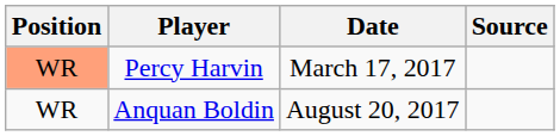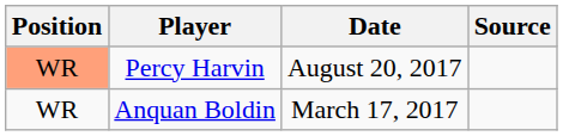 <table class="wikitable" style="text-align: center">
 <tr style="text-align:center; background:#ddd">
 <th>Position</th>
 <th>Player</th>
 <th>Date</th>
 <th>Source</th>
 </tr>
 <tr>
 <td style="background: lightsalmon;">WR</td>
 <td><a href='#'>Percy Harvin</a></td>
-<td>March 17, 2017</td>
+<td>August 20, 2017</td>
 <td></td>
 </tr>
 <tr>
 <td>WR</td>
 <td><a href='#'>Anquan Boldin</a></td>
-<td>August 20, 2017</td>
+<td>March 17, 2017</td>
 <td></td>
 </tr>
 </table>
